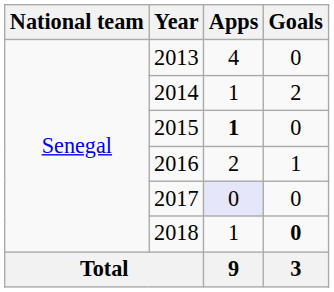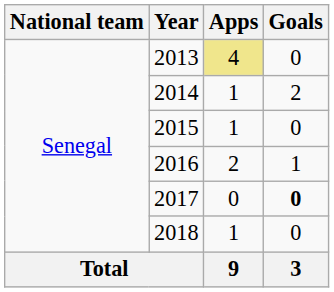 <table class=wikitable style="text-align: center;">
 <tr>
 <th>National team</th>
 <th>Year</th>
 <th>Apps</th>
 <th>Goals</th>
 </tr>
 <tr>
 <td rowspan="6"><a href='#'>Senegal</a></td>
 <td>2013</td>
-<td>4</td>
+<td style="background: khaki;">4</td>
 <td>0</td>
 </tr>
 <tr>
 <td>2014</td>
 <td>1</td>
 <td>2</td>
 </tr>
 <tr>
 <td>2015</td>
-<td><strong>1</strong></td>
+<td>1</td>
 <td>0</td>
 </tr>
 <tr>
 <td>2016</td>
 <td>2</td>
 <td>1</td>
 </tr>
 <tr>
 <td>2017</td>
-<td style="background: lavender;">0</td>
 <td>0</td>
+<td><strong>0</strong></td>
 </tr>
 <tr>
 <td>2018</td>
 <td>1</td>
-<td><strong>0</strong></td>
+<td>0</td>
 </tr>
 <tr>
 <th colspan="2">Total</th>
 <th>9</th>
 <th>3</th>
 </tr>
 </table>
